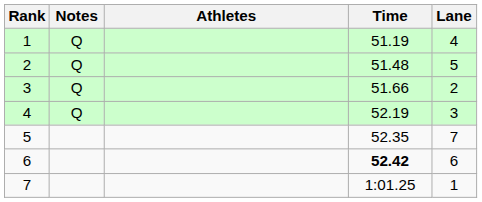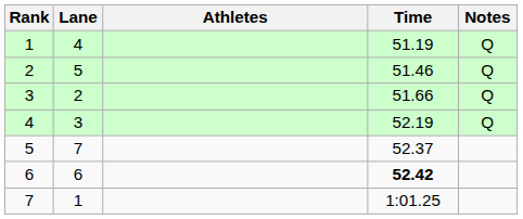 <table class="wikitable sortable" style="text-align:center;">
 <tr>
 <th width=40>Rank</th>
-<th width=50>Notes</th>
+<th width=40>Lane</th>
 <th width=250>Athletes</th>
 <th width=80>Time</th>
-<th width=40>Lane</th>
+<th width=50>Notes</th>
 </tr>
 <tr bgcolor=ccffcc>
 <td>1</td>
-<td>Q</td>
+<td>4</td>
 <td align=left></td>
 <td>51.19</td>
-<td>4</td>
+<td>Q</td>
 </tr>
 <tr bgcolor=ccffcc>
 <td>2</td>
+<td>5</td>
+<td align=left></td>
+<td>51.46</td>
 <td>Q</td>
-<td align=left></td>
-<td>51.48</td>
-<td>5</td>
 </tr>
 <tr bgcolor=ccffcc>
 <td>3</td>
-<td>Q</td>
+<td>2</td>
 <td align=left></td>
 <td>51.66</td>
-<td>2</td>
+<td>Q</td>
 </tr>
 <tr bgcolor=ccffcc>
 <td>4</td>
-<td>Q</td>
+<td>3</td>
 <td align=left></td>
 <td>52.19</td>
-<td>3</td>
+<td>Q</td>
 </tr>
 <tr>
 <td>5</td>
+<td>7</td>
+<td align=left></td>
+<td>52.37</td>
 <td></td>
-<td align=left></td>
-<td>52.35</td>
-<td>7</td>
 </tr>
 <tr>
 <td>6</td>
-<td></td>
+<td>6</td>
 <td align=left></td>
 <td><strong>52.42</strong></td>
-<td>6</td>
+<td></td>
 </tr>
 <tr>
 <td>7</td>
-<td></td>
+<td>1</td>
 <td align=left></td>
 <td>1:01.25</td>
-<td>1</td>
+<td></td>
 </tr>
 </table>
